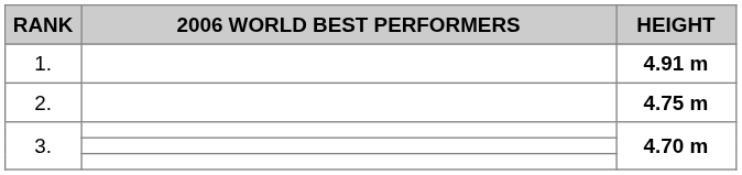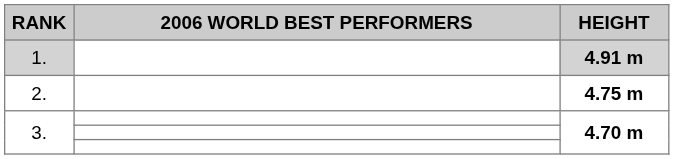 <table border="1" cellspacing="2" cellpadding="5" style="border-collapse: collapse; font-size: 90%;">
 <tr style="background:#ccc;">
 <th>RANK</th>
 <th style="text-align:center; width:25em;">2006 WORLD BEST PERFORMERS</th>
 <th style="text-align:center; width:5em;">HEIGHT</th>
 </tr>
 <tr>
-<td style="text-align:center;">1.</td>
+<td style="background: lightgrey; text-align:center;">1.</td>
 <td></td>
-<td style="text-align:center;"><strong>4.91 m</strong></td>
+<td style="background: lightgrey; text-align:center;"><strong>4.91 m</strong></td>
 </tr>
 <tr>
 <td style="text-align:center;">2.</td>
 <td></td>
 <td style="text-align:center;"><strong>4.75 m</strong></td>
 </tr>
 <tr>
 <td rowspan="3" style="text-align:center;">3.</td>
 <td></td>
 <td rowspan="3" style="text-align:center;"><strong>4.70 m</strong></td>
 </tr>
 <tr>
 <td></td>
 </tr>
 <tr>
 <td></td>
 </tr>
 </table>
